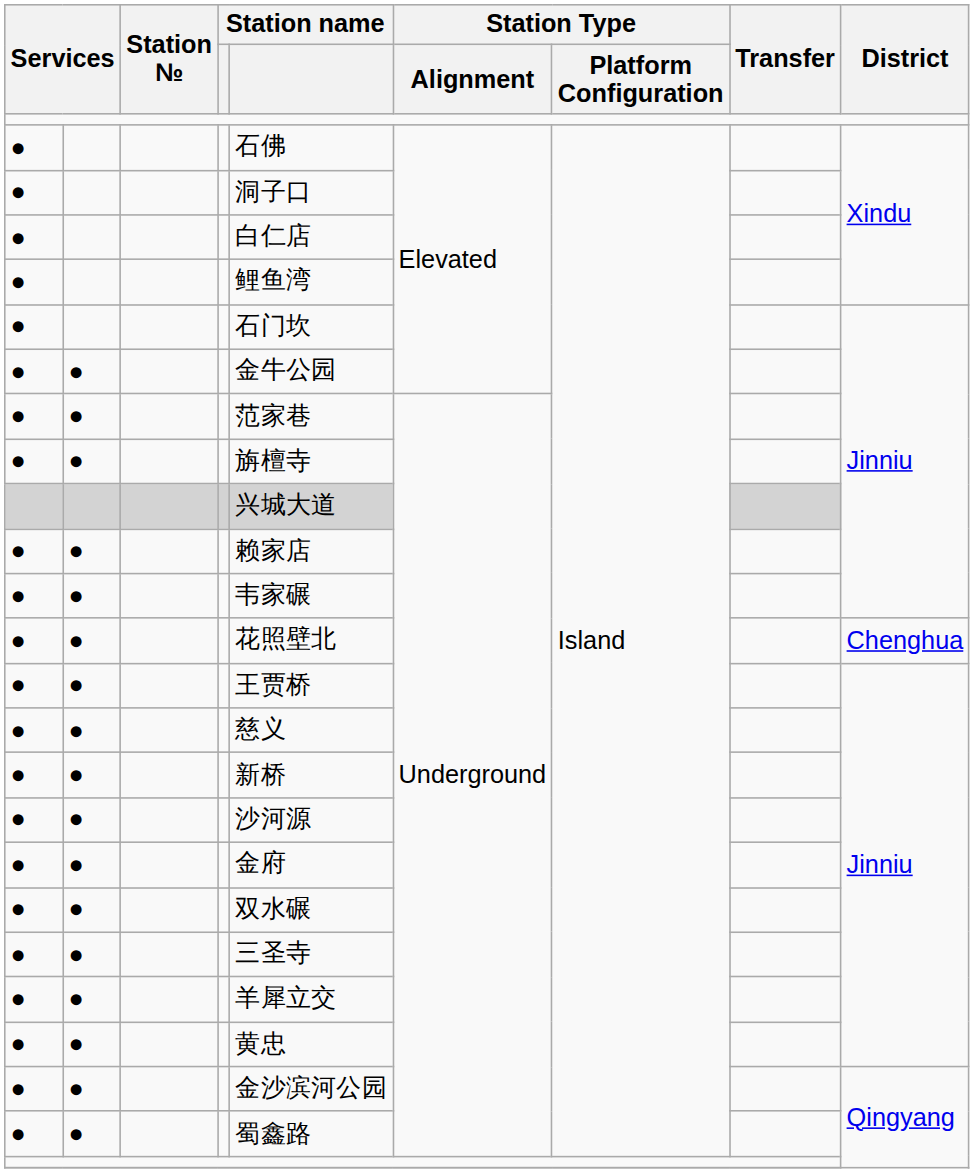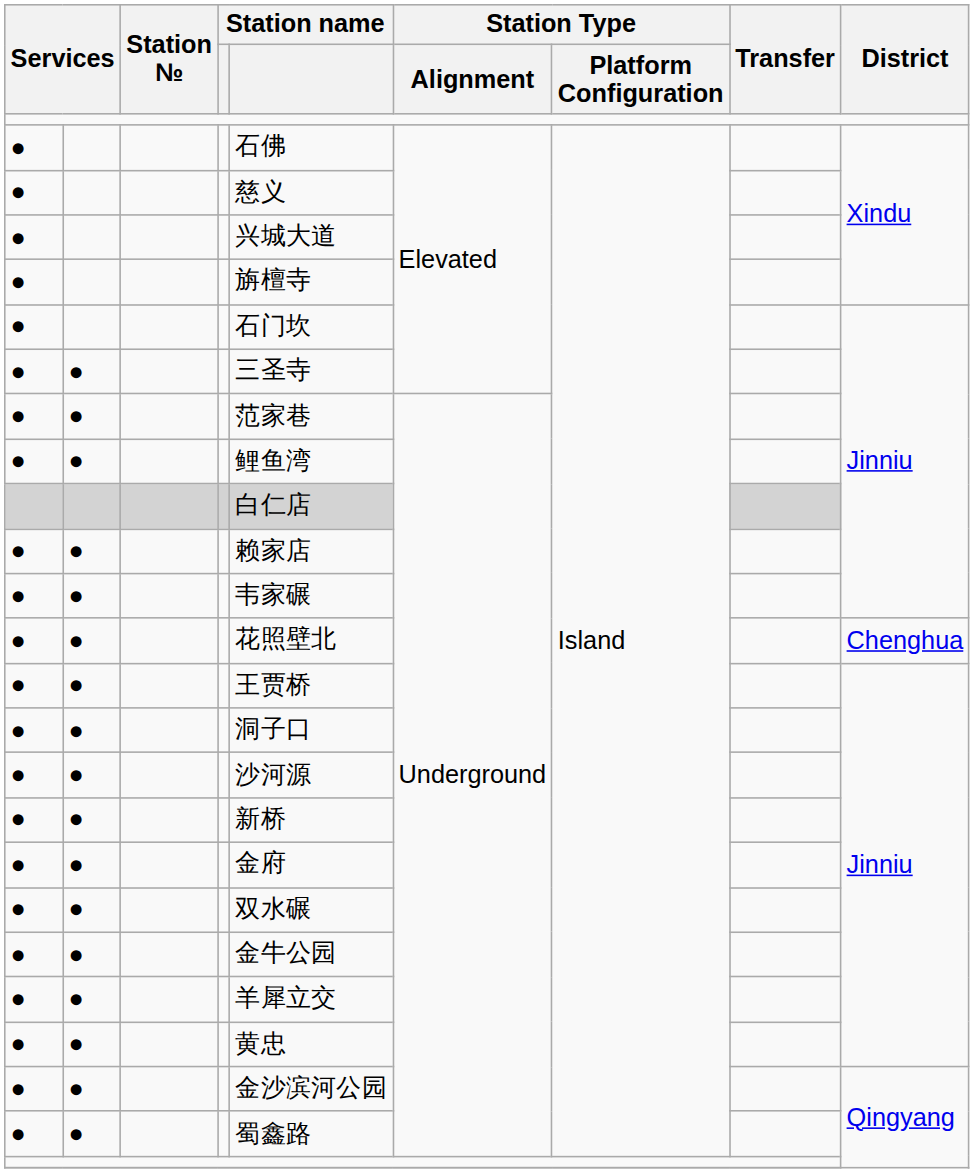 <table class="wikitable" text-align: center;">
 <tr>
 <th colspan="2" rowspan="2">Services</th>
 <th rowspan="2">Station<br>№</th>
 <th colspan="2">Station name</th>
 <th colspan=2>Station Type</th>
 <th rowspan=2>Transfer</th>
 <th rowspan=2>District</th>
 </tr>
 <tr>
 <th></th>
 <th></th>
 <th>Alignment</th>
 <th>Platform<br>Configuration</th>
 </tr>
 <tr style="background:#">
 <td colspan = "9"></td>
 </tr>
 <tr>
 <td>●</td>
 <td></td>
 <td></td>
 <td></td>
 <td>石佛</td>
 <td rowspan="6">Elevated</td>
 <td rowspan="23">Island</td>
 <td></td>
 <td rowspan="4"><a href='#'>Xindu</a></td>
 </tr>
 <tr>
 <td>●</td>
 <td></td>
 <td></td>
 <td></td>
-<td>洞子口</td>
+<td>慈义</td>
 <td></td>
 </tr>
 <tr>
 <td>●</td>
 <td></td>
 <td></td>
 <td></td>
-<td>白仁店</td>
+<td>兴城大道</td>
 <td></td>
 </tr>
 <tr>
 <td>●</td>
 <td></td>
 <td></td>
 <td></td>
-<td>鲤鱼湾</td>
+<td>旃檀寺</td>
 <td></td>
 </tr>
 <tr>
 <td>●</td>
 <td></td>
 <td></td>
 <td></td>
 <td>石门坎</td>
 <td></td>
 <td rowspan="7"><a href='#'>Jinniu</a></td>
 </tr>
 <tr>
 <td>●</td>
 <td>●</td>
 <td></td>
 <td></td>
-<td>金牛公园</td>
+<td>三圣寺</td>
 <td></td>
 </tr>
 <tr>
 <td>●</td>
 <td>●</td>
 <td></td>
 <td></td>
 <td>范家巷</td>
 <td rowspan="17">Underground</td>
 <td></td>
 </tr>
 <tr>
 <td>●</td>
 <td>●</td>
 <td></td>
 <td></td>
-<td>旃檀寺</td>
+<td>鲤鱼湾</td>
 <td></td>
 </tr>
 <tr bgcolor="lightgrey">
 <td></td>
 <td></td>
 <td></td>
 <td></td>
-<td>兴城大道</td>
+<td>白仁店</td>
 <td></td>
 </tr>
 <tr>
 <td>●</td>
 <td>●</td>
 <td></td>
 <td></td>
 <td>赖家店</td>
 <td></td>
 </tr>
 <tr>
 <td>●</td>
 <td>●</td>
 <td></td>
 <td></td>
 <td>韦家碾</td>
 <td></td>
 </tr>
 <tr>
 <td>●</td>
 <td>●</td>
 <td></td>
 <td></td>
 <td>花照壁北</td>
 <td></td>
 <td rowspan="1"><a href='#'>Chenghua</a></td>
 </tr>
 <tr>
 <td>●</td>
 <td>●</td>
 <td></td>
 <td></td>
 <td>王贾桥</td>
 <td></td>
 <td rowspan="9"><a href='#'>Jinniu</a></td>
 </tr>
 <tr>
 <td>●</td>
 <td>●</td>
 <td></td>
 <td></td>
-<td>慈义</td>
+<td>洞子口</td>
+<td></td>
+</tr>
+<tr>
+<td>●</td>
+<td>●</td>
+<td></td>
+<td></td>
+<td>沙河源</td>
 <td></td>
 </tr>
 <tr>
 <td>●</td>
 <td>●</td>
 <td></td>
 <td></td>
 <td>新桥</td>
-<td></td>
-</tr>
-<tr>
-<td>●</td>
-<td>●</td>
-<td></td>
-<td></td>
-<td>沙河源</td>
 <td></td>
 </tr>
 <tr>
 <td>●</td>
 <td>●</td>
 <td></td>
 <td></td>
 <td>金府</td>
 <td></td>
 </tr>
 <tr>
 <td>●</td>
 <td>●</td>
 <td></td>
 <td></td>
 <td>双水碾</td>
 <td></td>
 </tr>
 <tr>
 <td>●</td>
 <td>●</td>
 <td></td>
 <td></td>
-<td>三圣寺</td>
+<td>金牛公园</td>
 <td></td>
 </tr>
 <tr>
 <td>●</td>
 <td>●</td>
 <td></td>
 <td></td>
 <td>羊犀立交</td>
 <td></td>
 </tr>
 <tr>
 <td>●</td>
 <td>●</td>
 <td></td>
 <td></td>
 <td>黄忠</td>
 <td></td>
 </tr>
 <tr>
 <td>●</td>
 <td>●</td>
 <td></td>
 <td></td>
 <td>金沙滨河公园</td>
 <td></td>
 <td rowspan="9"><a href='#'>Qingyang</a></td>
 </tr>
 <tr>
 <td>●</td>
 <td>●</td>
 <td></td>
 <td></td>
 <td>蜀鑫路</td>
 <td></td>
 </tr>
 <tr style="background:#">
 <td colspan = "9"></td>
 </tr>
 <tr>
 </tr>
 </table>
